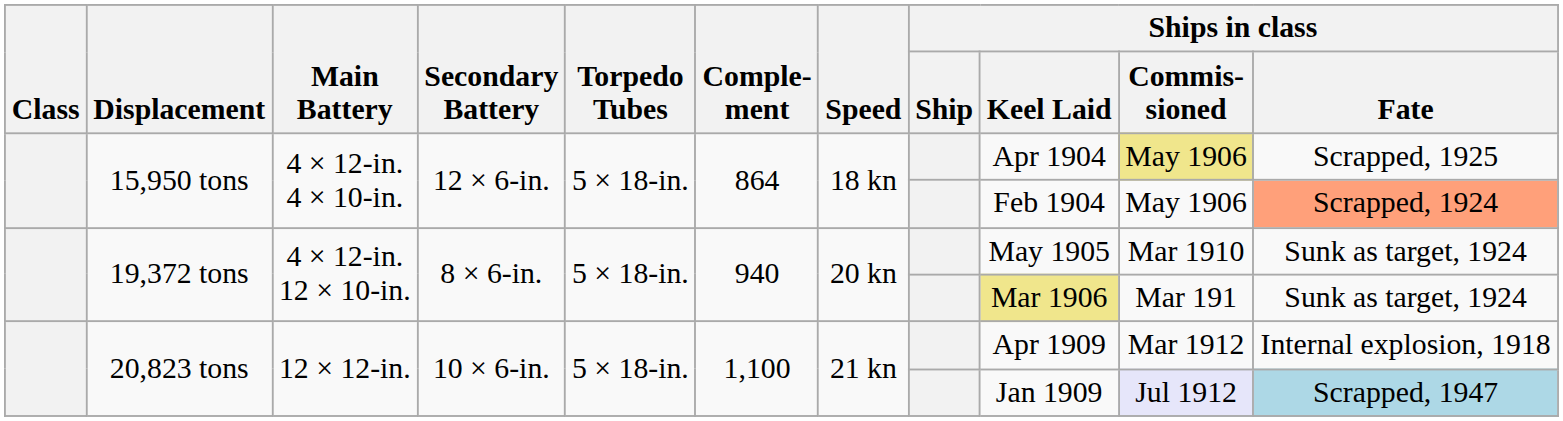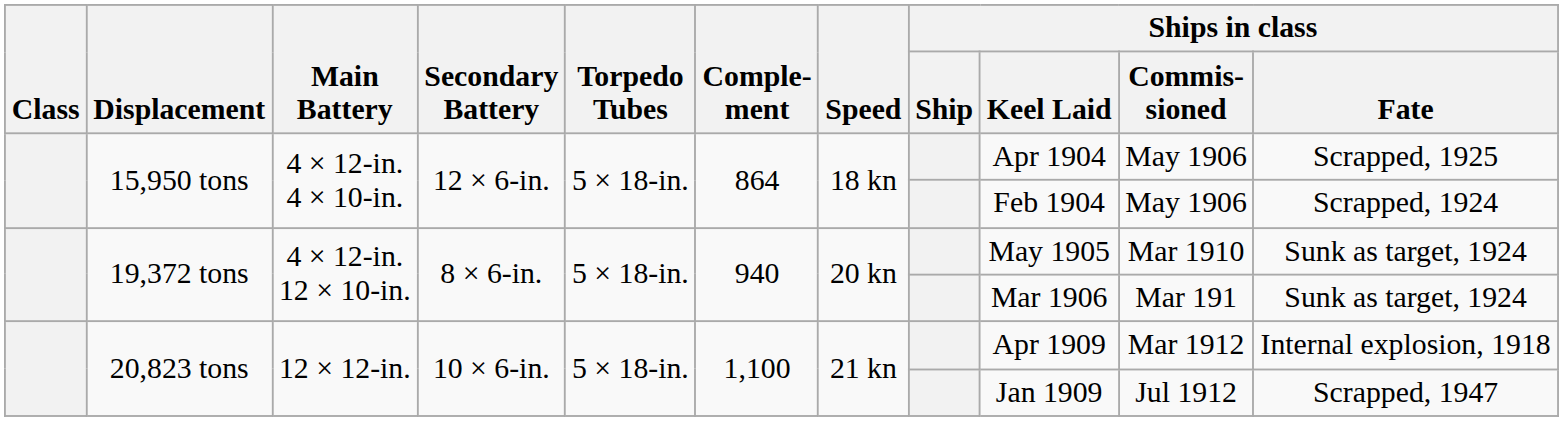 <table class="wikitable plainrowheaders" style="text-align: center;">
 <tr valign="bottom">
 <th scope="col" rowspan=2>Class</th>
 <th scope="col" rowspan=2>Displacement</th>
 <th scope="col" rowspan=2>Main<br>Battery</th>
 <th scope="col" rowspan=2>Secondary<br>Battery</th>
 <th scope="col" rowspan=2>Torpedo<br>Tubes</th>
 <th scope="col" rowspan=2>Comple-<br>ment</th>
 <th scope="col" rowspan=2>Speed</th>
 <th scope="col" colspan=4>Ships in class</th>
 </tr>
 <tr valign="bottom">
 <th scope="col">Ship</th>
 <th scope="col">Keel Laid</th>
 <th scope="col">Commis-<br>sioned</th>
 <th scope="col">Fate</th>
 </tr>
 <tr>
 <th scope="row" rowspan=2></th>
 <td scope="row" rowspan=2 style="text-align: center">15,950 tons</td>
 <td scope="row" rowspan=2 style="text-align: center">4 × 12-in.<br>4 × 10-in.</td>
 <td scope="row" rowspan=2 style="text-align: center">12 × 6-in.</td>
 <td scope="row" rowspan=2 style="text-align: center">5 × 18-in.</td>
 <td scope="row" rowspan=2 style="text-align: center">864</td>
 <td scope="row" rowspan=2 style="text-align: center">18 kn</td>
 <th scope="row"></th>
 <td scope="row" style="text-align: center">Apr 1904</td>
-<td scope="row" style="background: khaki; text-align: center">May 1906</td>
+<td scope="row" style="text-align: center">May 1906</td>
 <td scope="row" style="text-align: center">Scrapped, 1925</td>
 </tr>
 <tr>
 <th scope="row"></th>
 <td scope="row" style="text-align: center">Feb 1904</td>
 <td scope="row" style="text-align: center">May 1906</td>
-<td scope="row" style="background: lightsalmon; text-align: center">Scrapped, 1924</td>
+<td scope="row" style="text-align: center">Scrapped, 1924</td>
 </tr>
 <tr>
 <th scope="row" rowspan=2></th>
 <td scope="row" rowspan=2 style="text-align: center">19,372 tons</td>
 <td scope="row" rowspan=2 style="text-align: center">4 × 12-in.<br>12 × 10-in.</td>
 <td scope="row" rowspan=2 style="text-align: center">8 × 6-in.</td>
 <td scope="row" rowspan=2 style="text-align: center">5 × 18-in.</td>
 <td scope="row" rowspan=2 style="text-align: center">940</td>
 <td scope="row" rowspan=2 style="text-align: center">20 kn</td>
 <th scope="row"></th>
 <td scope="row" style="text-align: center">May 1905</td>
 <td scope="row" style="text-align: center">Mar 1910</td>
 <td scope="row" style="text-align: center">Sunk as target, 1924</td>
 </tr>
 <tr>
 <th scope="row"></th>
-<td scope="row" style="background: khaki; text-align: center">Mar 1906</td>
+<td scope="row" style="text-align: center">Mar 1906</td>
 <td scope="row" style="text-align: center">Mar 191</td>
 <td scope="row" style="text-align: center">Sunk as target, 1924</td>
 </tr>
 <tr>
 <th scope="row" rowspan=2></th>
 <td scope="row" rowspan=2 style="text-align: center">20,823 tons</td>
 <td scope="row" rowspan=2 style="text-align: center">12 × 12-in.</td>
 <td scope="row" rowspan=2 style="text-align: center">10 × 6-in.</td>
 <td scope="row" rowspan=2 style="text-align: center">5 × 18-in.</td>
 <td scope="row" rowspan=2 style="text-align: center">1,100</td>
 <td scope="row" rowspan=2 style="text-align: center">21 kn</td>
 <th scope="row"></th>
 <td scope="row" style="text-align: center">Apr 1909</td>
 <td scope="row" style="text-align: center">Mar 1912</td>
 <td scope="row" style="text-align: center">Internal explosion, 1918</td>
 </tr>
 <tr>
 <th scope="row"></th>
 <td scope="row" style="text-align: center">Jan 1909</td>
-<td scope="row" style="background: lavender; text-align: center">Jul 1912</td>
-<td scope="row" style="background: lightblue; text-align: center">Scrapped, 1947</td>
+<td scope="row" style="text-align: center">Jul 1912</td>
+<td scope="row" style="text-align: center">Scrapped, 1947</td>
 </tr>
 </table>
